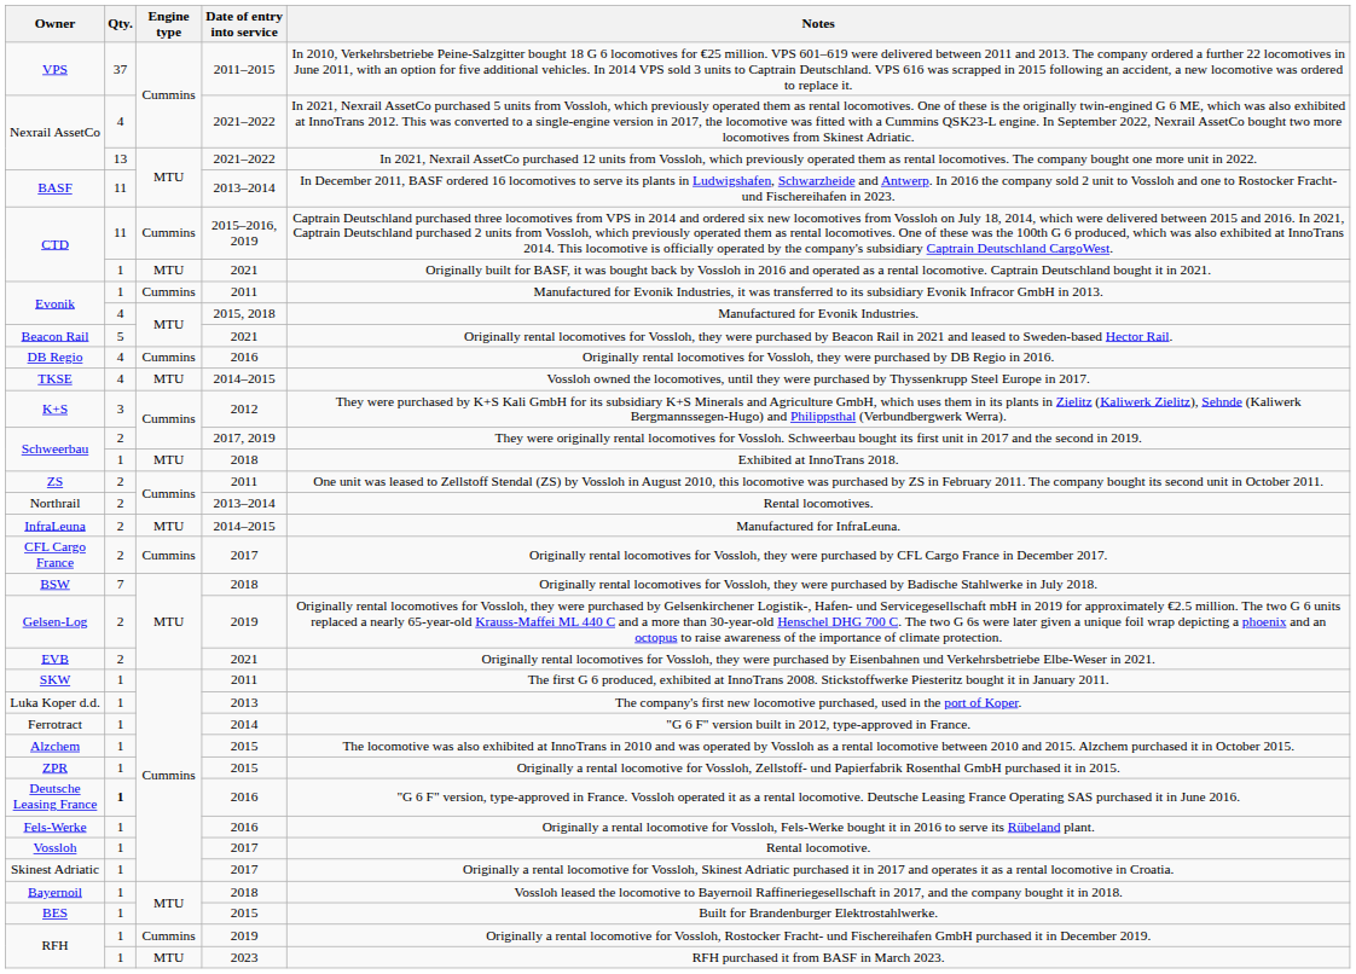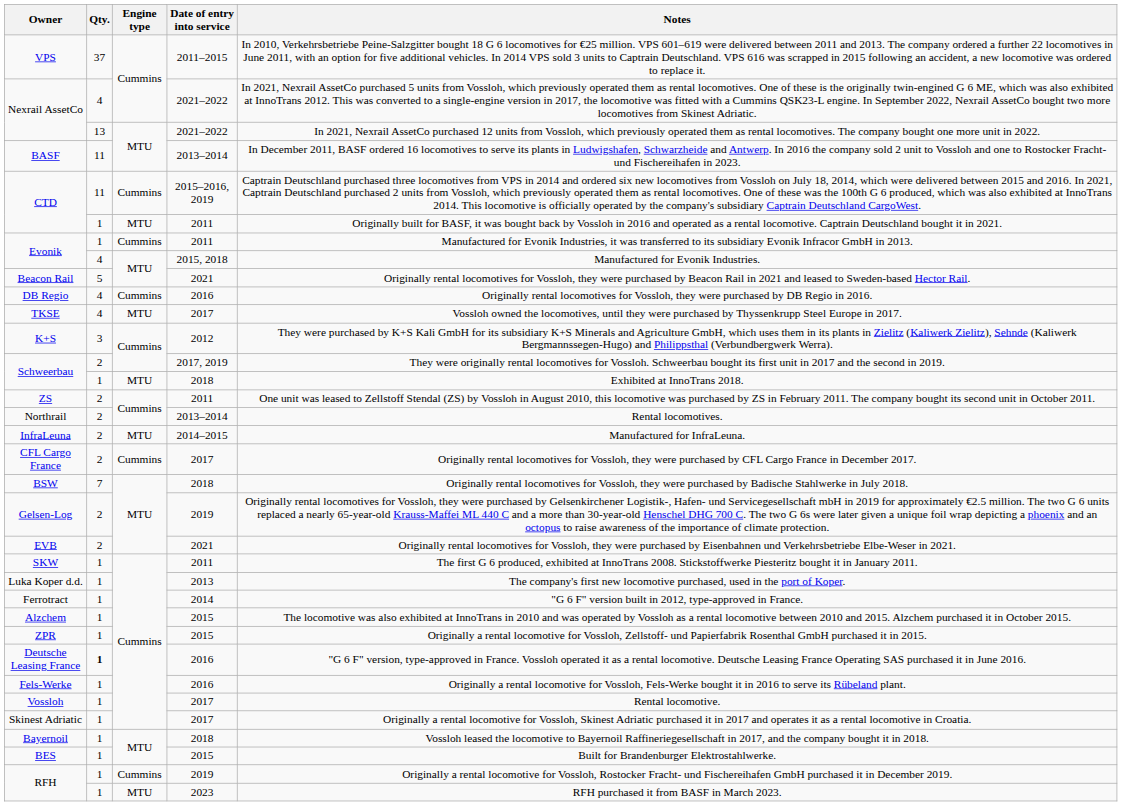 <table class="wikitable sortable">
 <tr align = "center">
 <th>Owner</th>
 <th>Qty.</th>
 <th>Engine type</th>
 <th>Date of entry into service</th>
 <th class="unsortable">Notes</th>
 </tr>
 <tr align = "center">
 <td><a href='#'>VPS</a></td>
 <td>37</td>
 <td rowspan="2">Cummins</td>
 <td>2011–2015</td>
 <td>In 2010, Verkehrsbetriebe Peine-Salzgitter bought 18 G 6 locomotives for €25 million. VPS 601–619 were delivered between 2011 and 2013. The company ordered a further 22 locomotives in June 2011, with an option for five additional vehicles. In 2014 VPS sold 3 units to Captrain Deutschland. VPS 616 was scrapped in 2015 following an accident, a new locomotive was ordered to replace it.</td>
 </tr>
 <tr align = "center">
 <td rowspan="2">Nexrail AssetCo</td>
 <td>4</td>
 <td>2021–2022</td>
 <td>In 2021, Nexrail AssetCo purchased 5 units from Vossloh, which previously operated them as rental locomotives. One of these is the originally twin-engined G 6 ME, which was also exhibited at InnoTrans 2012. This was converted to a single-engine version in 2017, the locomotive was fitted with a Cummins QSK23-L engine. In September 2022, Nexrail AssetCo bought two more locomotives from Skinest Adriatic.</td>
 </tr>
 <tr align = "center">
 <td>13</td>
 <td rowspan="2">MTU</td>
 <td>2021–2022</td>
 <td>In 2021, Nexrail AssetCo purchased 12 units from Vossloh, which previously operated them as rental locomotives. The company bought one more unit in 2022.</td>
 </tr>
 <tr align = "center">
 <td><a href='#'>BASF</a></td>
 <td>11</td>
 <td>2013–2014</td>
 <td>In December 2011, BASF ordered 16 locomotives to serve its plants in <a href='#'>Ludwigshafen</a>, <a href='#'>Schwarzheide</a> and <a href='#'>Antwerp</a>. In 2016 the company sold 2 unit to Vossloh and one to Rostocker Fracht- und Fischereihafen in 2023.</td>
 </tr>
 <tr align = "center">
 <td rowspan="2"><a href='#'>CTD</a></td>
 <td>11</td>
 <td>Cummins</td>
 <td>2015–2016, 2019</td>
 <td>Captrain Deutschland purchased three locomotives from VPS in 2014 and ordered six new locomotives from Vossloh on July 18, 2014, which were delivered between 2015 and 2016. In 2021, Captrain Deutschland purchased 2 units from Vossloh, which previously operated them as rental locomotives. One of these was the 100th G 6 produced, which was also exhibited at InnoTrans 2014. This locomotive is officially operated by the company's subsidiary <a href='#'>Captrain Deutschland CargoWest</a>.</td>
 </tr>
 <tr align = "center">
 <td>1</td>
 <td>MTU</td>
-<td>2021</td>
+<td>2011</td>
 <td>Originally built for BASF, it was bought back by Vossloh in 2016 and operated as a rental locomotive. Captrain Deutschland bought it in 2021.</td>
 </tr>
 <tr align = "center">
 <td rowspan="2"><a href='#'>Evonik</a></td>
 <td>1</td>
 <td>Cummins</td>
 <td>2011</td>
 <td>Manufactured for Evonik Industries, it was transferred to its subsidiary Evonik Infracor GmbH in 2013.</td>
 </tr>
 <tr align = "center">
 <td>4</td>
 <td rowspan="2">MTU</td>
 <td>2015, 2018</td>
 <td>Manufactured for Evonik Industries.</td>
 </tr>
 <tr align = "center">
 <td><a href='#'>Beacon Rail</a></td>
 <td>5</td>
 <td>2021</td>
 <td>Originally rental locomotives for Vossloh, they were purchased by Beacon Rail in 2021 and leased to Sweden-based <a href='#'>Hector Rail</a>.</td>
 </tr>
 <tr align = "center">
 <td><a href='#'>DB Regio</a></td>
 <td>4</td>
 <td>Cummins</td>
 <td>2016</td>
 <td>Originally rental locomotives for Vossloh, they were purchased by DB Regio in 2016.</td>
 </tr>
 <tr align = "center">
 <td><a href='#'>TKSE</a></td>
 <td>4</td>
 <td>MTU</td>
-<td>2014–2015</td>
+<td>2017</td>
 <td>Vossloh owned the locomotives, until they were purchased by Thyssenkrupp Steel Europe in 2017.</td>
 </tr>
 <tr align = "center">
 <td><a href='#'>K+S</a></td>
 <td>3</td>
 <td rowspan="2">Cummins</td>
 <td>2012</td>
 <td>They were purchased by K+S Kali GmbH for its subsidiary K+S Minerals and Agriculture GmbH, which uses them in its plants in <a href='#'>Zielitz</a> (<a href='#'>Kaliwerk Zielitz</a>), <a href='#'>Sehnde</a> (Kaliwerk Bergmannssegen-Hugo) and <a href='#'>Philippsthal</a> (Verbundbergwerk Werra).</td>
 </tr>
 <tr align = "center">
 <td rowspan="2"><a href='#'>Schweerbau</a></td>
 <td>2</td>
 <td>2017, 2019</td>
 <td>They were originally rental locomotives for Vossloh. Schweerbau bought its first unit in 2017 and the second in 2019.</td>
 </tr>
 <tr align = "center">
 <td>1</td>
 <td>MTU</td>
 <td>2018</td>
 <td>Exhibited at InnoTrans 2018.</td>
 </tr>
 <tr align = "center">
 <td><a href='#'>ZS</a></td>
 <td>2</td>
 <td rowspan="2">Cummins</td>
 <td>2011</td>
 <td>One unit was leased to Zellstoff Stendal (ZS) by Vossloh in August 2010, this locomotive was purchased by ZS in February 2011. The company bought its second unit in October 2011.</td>
 </tr>
 <tr align = "center">
 <td>Northrail</td>
 <td>2</td>
 <td>2013–2014</td>
 <td>Rental locomotives.</td>
 </tr>
 <tr align = "center">
 <td><a href='#'>InfraLeuna</a></td>
 <td>2</td>
 <td>MTU</td>
 <td>2014–2015</td>
 <td>Manufactured for InfraLeuna.</td>
 </tr>
 <tr align = "center">
 <td><a href='#'>CFL Cargo France</a></td>
 <td>2</td>
 <td>Cummins</td>
 <td>2017</td>
 <td>Originally rental locomotives for Vossloh, they were purchased by CFL Cargo France in December 2017.</td>
 </tr>
 <tr align = "center">
 <td><a href='#'>BSW</a></td>
 <td>7</td>
 <td rowspan="3">MTU</td>
 <td>2018</td>
 <td>Originally rental locomotives for Vossloh, they were purchased by Badische Stahlwerke in July 2018.</td>
 </tr>
 <tr align = "center">
 <td><a href='#'>Gelsen-Log</a></td>
 <td>2</td>
 <td>2019</td>
 <td>Originally rental locomotives for Vossloh, they were purchased by Gelsenkirchener Logistik-, Hafen- und Servicegesellschaft mbH in 2019 for approximately €2.5 million. The two G 6 units replaced a nearly 65-year-old <a href='#'>Krauss-Maffei ML 440 C</a> and a more than 30-year-old <a href='#'>Henschel DHG 700 C</a>. The two G 6s were later given a unique foil wrap depicting a <a href='#'>phoenix</a> and an <a href='#'>octopus</a> to raise awareness of the importance of climate protection.</td>
 </tr>
 <tr align = "center">
 <td><a href='#'>EVB</a></td>
 <td>2</td>
 <td>2021</td>
 <td>Originally rental locomotives for Vossloh, they were purchased by Eisenbahnen und Verkehrsbetriebe Elbe-Weser in 2021.</td>
 </tr>
 <tr align = "center">
 <td><a href='#'>SKW</a></td>
 <td>1</td>
 <td rowspan="9">Cummins</td>
 <td>2011</td>
 <td>The first G 6 produced, exhibited at InnoTrans 2008. Stickstoffwerke Piesteritz bought it in January 2011.</td>
 </tr>
 <tr align = "center">
 <td>Luka Koper d.d.</td>
 <td>1</td>
 <td>2013</td>
 <td>The company's first new locomotive purchased, used in the <a href='#'>port of Koper</a>.</td>
 </tr>
 <tr align = "center">
 <td>Ferrotract</td>
 <td>1</td>
 <td>2014</td>
 <td>"G 6 F" version built in 2012, type-approved in France.</td>
 </tr>
 <tr align = "center">
 <td><a href='#'>Alzchem</a></td>
 <td>1</td>
 <td>2015</td>
 <td>The locomotive was also exhibited at InnoTrans in 2010 and was operated by Vossloh as a rental locomotive between 2010 and 2015. Alzchem purchased it in October 2015.</td>
 </tr>
 <tr align = "center">
 <td><a href='#'>ZPR</a></td>
 <td>1</td>
 <td>2015</td>
 <td>Originally a rental locomotive for Vossloh, Zellstoff- und Papierfabrik Rosenthal GmbH purchased it in 2015.</td>
 </tr>
 <tr align = "center">
 <td><a href='#'>Deutsche Leasing France</a></td>
 <td><strong>1</strong></td>
 <td>2016</td>
 <td>"G 6 F" version, type-approved in France. Vossloh operated it as a rental locomotive. Deutsche Leasing France Operating SAS purchased it in June 2016.</td>
 </tr>
 <tr align = "center">
 <td><a href='#'>Fels-Werke</a></td>
 <td>1</td>
 <td>2016</td>
 <td>Originally a rental locomotive for Vossloh, Fels-Werke bought it in 2016 to serve its <a href='#'>Rübeland</a> plant.</td>
 </tr>
 <tr align = "center">
 <td><a href='#'>Vossloh</a></td>
 <td>1</td>
 <td>2017</td>
 <td>Rental locomotive.</td>
 </tr>
 <tr align = "center">
 <td>Skinest Adriatic</td>
 <td>1</td>
 <td>2017</td>
 <td>Originally a rental locomotive for Vossloh, Skinest Adriatic purchased it in 2017 and operates it as a rental locomotive in Croatia.</td>
 </tr>
 <tr align = "center">
 <td><a href='#'>Bayernoil</a></td>
 <td>1</td>
 <td rowspan="2">MTU</td>
 <td>2018</td>
 <td>Vossloh leased the locomotive to Bayernoil Raffineriegesellschaft in 2017, and the company bought it in 2018.</td>
 </tr>
 <tr align = "center">
 <td><a href='#'>BES</a></td>
 <td>1</td>
 <td>2015</td>
 <td>Built for Brandenburger Elektrostahlwerke.</td>
 </tr>
 <tr align = "center">
 <td rowspan="2">RFH</td>
 <td>1</td>
 <td>Cummins</td>
 <td>2019</td>
 <td>Originally a rental locomotive for Vossloh, Rostocker Fracht- und Fischereihafen GmbH purchased it in December 2019.</td>
 </tr>
 <tr align = "center">
 <td>1</td>
 <td>MTU</td>
 <td>2023</td>
 <td>RFH purchased it from BASF in March 2023.</td>
 </tr>
 </table>
